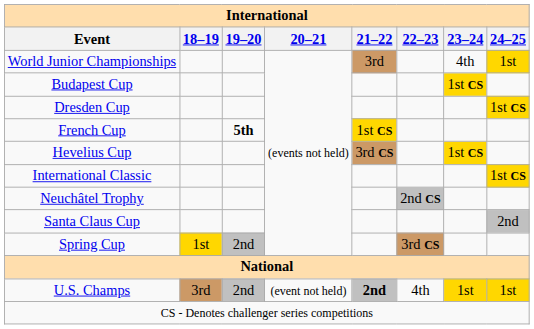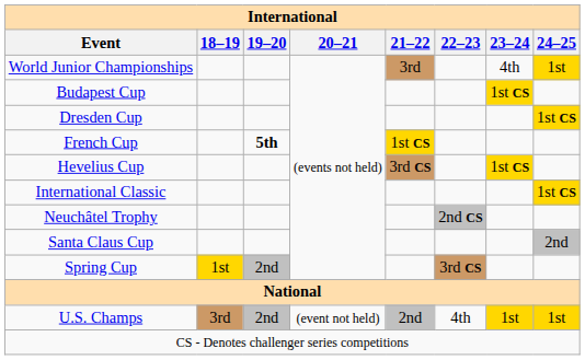 <table class="wikitable" style="text-align:center;">
 <tr>
 <th colspan="8" style="background-color: #ffdead; " align="center"><strong>International</strong></th>
 </tr>
 <tr>
 <th>Event</th>
 <th><a href='#'>18–19</a></th>
 <th><a href='#'>19–20</a></th>
 <th><a href='#'>20–21</a></th>
 <th><a href='#'>21–22</a></th>
 <th><a href='#'>22–23</a></th>
 <th><a href='#'>23–24</a></th>
 <th><a href='#'>24–25</a></th>
 </tr>
 <tr>
 <td align="center"><a href='#'>World Junior Championships</a></td>
 <td align="center"></td>
 <td></td>
 <td rowspan="9"><small>(events not held)</small></td>
 <td bgcolor="cc9966"align="center">3rd</td>
 <td></td>
 <td>4th</td>
 <td bgcolor="gold" align="center">1st</td>
 </tr>
 <tr>
 <td><a href='#'>Budapest Cup</a></td>
 <td></td>
 <td></td>
 <td></td>
 <td></td>
 <td bgcolor="gold" align="center">1st <strong><small>CS</small></strong></td>
 <td></td>
 </tr>
 <tr>
 <td align="center"><a href='#'>Dresden Cup</a></td>
 <td></td>
 <td></td>
 <td></td>
 <td></td>
 <td></td>
 <td bgcolor="gold" align="center">1st <strong><small>CS</small></strong></td>
 </tr>
 <tr>
 <td align="center"><a href='#'>French Cup</a></td>
 <td align="center"></td>
 <td align="center"><strong>5th</strong></td>
 <td bgcolor="gold" align="center">1st <small><strong>CS</strong></small></td>
 <td></td>
 <td></td>
 <td></td>
 </tr>
 <tr>
 <td align="center"><a href='#'>Hevelius Cup</a></td>
 <td></td>
 <td></td>
 <td bgcolor="cc9966" align="center">3rd <small><strong>CS</strong></small></td>
 <td></td>
 <td bgcolor="gold" align="center">1st <small><strong>CS</strong></small></td>
 <td></td>
 </tr>
 <tr>
 <td align="center"><a href='#'>International Classic</a></td>
 <td></td>
 <td></td>
 <td></td>
 <td></td>
 <td></td>
 <td bgcolor="gold" align="center">1st <small><strong>CS</strong></small></td>
 </tr>
 <tr>
 <td><a href='#'>Neuchâtel Trophy</a></td>
 <td></td>
 <td></td>
 <td></td>
 <td bgcolor="silver" align="center">2nd <strong><small>CS</small></strong></td>
 <td></td>
 <td></td>
 </tr>
 <tr>
 <td align="center"><a href='#'>Santa Claus Cup</a></td>
 <td></td>
 <td></td>
 <td></td>
 <td></td>
 <td></td>
 <td bgcolor="silver" align="center">2nd</td>
 </tr>
 <tr>
 <td align="center"><a href='#'>Spring Cup</a></td>
 <td bgcolor="gold" align="center">1st</td>
 <td bgcolor="silver" align="center">2nd</td>
 <td></td>
 <td bgcolor="cc9966"align="center">3rd <small><strong>CS</strong></small></td>
 <td></td>
 <td></td>
 </tr>
 <tr>
 <th colspan="8" style="background-color: #ffdead; " align="center"><strong>National</strong></th>
 </tr>
 <tr>
 <td align="center"><a href='#'>U.S. Champs</a></td>
 <td bgcolor="cc9966" align="center">3rd</td>
 <td bgcolor="silver" align="center">2nd</td>
 <td><small>(event not held)</small></td>
-<td bgcolor="silver" align="center"><strong>2nd</strong></td>
+<td bgcolor="silver" align="center">2nd</td>
 <td align="center">4th</td>
 <td bgcolor="gold" align="center">1st</td>
 <td bgcolor="gold" align="center">1st</td>
 </tr>
 <tr>
 <td colspan="8"><small>CS - Denotes challenger series competitions</small></td>
 </tr>
 </table>
